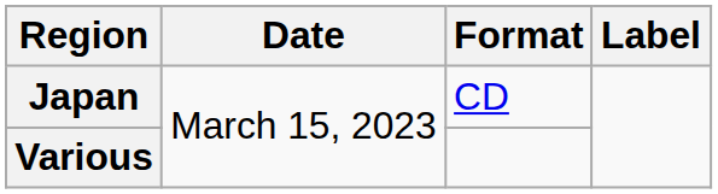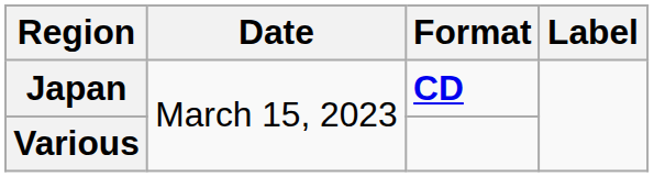 <table class="wikitable plainrowheaders">
 <tr>
 <th scope="col">Region</th>
 <th scope="col">Date</th>
 <th scope="col">Format</th>
 <th scope="col">Label</th>
 </tr>
 <tr>
 <th scope="row">Japan</th>
 <td rowspan="2">March 15, 2023</td>
-<td><a href='#'>CD</a></td>
+<td><strong><a href='#'>CD</a></strong></td>
 <td rowspan="2"></td>
 </tr>
 <tr>
 <th scope="row">Various </th>
 <td></td>
 </tr>
 </table>
